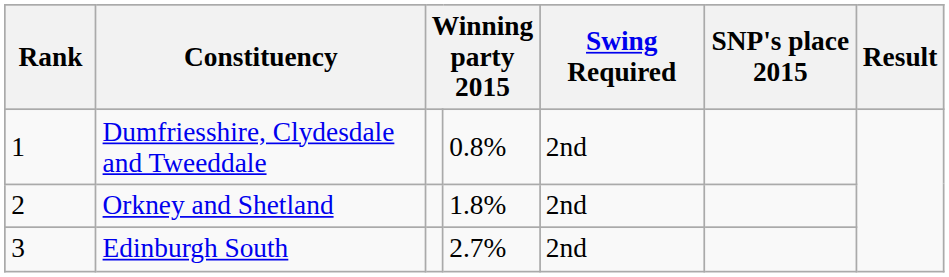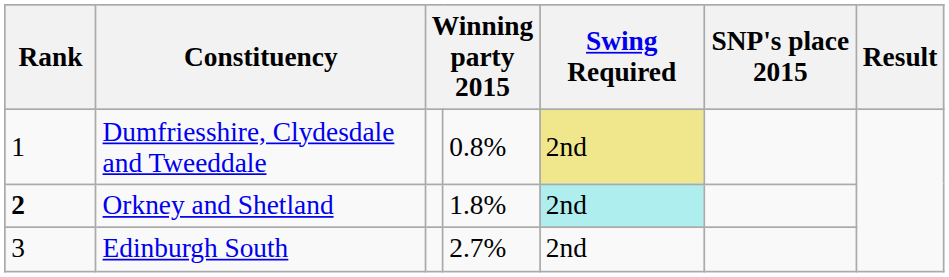 <table class="wikitable" style="width:550px">
 <tr>
 <th style="width:50px;">Rank</th>
 <th style="width:225px;">Constituency</th>
 <th colspan="2" style="width:175px;">Winning party 2015</th>
 <th style="width:100px;"><a href='#'>Swing</a> Required</th>
 <th style="width:100px;">SNP's place 2015</th>
 <th colspan="2" style="width:100px;">Result</th>
 </tr>
 <tr>
 <td>1</td>
 <td><a href='#'>Dumfriesshire, Clydesdale and Tweeddale</a></td>
 <td></td>
 <td>0.8%</td>
-<td>2nd</td>
+<td style="background: khaki;">2nd</td>
 <td></td>
 </tr>
 <tr>
-<td>2</td>
+<td><strong>2</strong></td>
 <td><a href='#'>Orkney and Shetland</a></td>
 <td></td>
 <td>1.8%</td>
-<td>2nd</td>
+<td style="background: paleturquoise;">2nd</td>
 <td></td>
 </tr>
 <tr>
 <td>3</td>
 <td><a href='#'>Edinburgh South</a></td>
 <td></td>
 <td>2.7%</td>
 <td>2nd</td>
 <td></td>
 </tr>
 </table>
